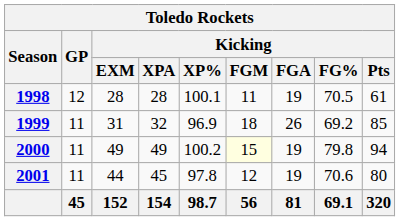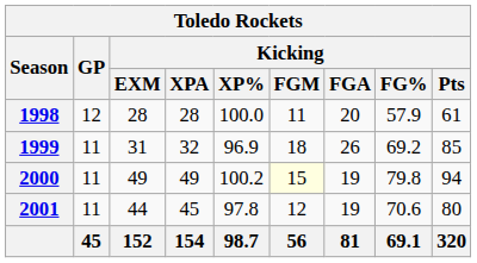 <table class="wikitable" style="text-align:center;">
 <tr>
 <th colspan="16">Toledo Rockets</th>
 </tr>
 <tr>
 <th rowspan="2">Season</th>
 <th rowspan="2">GP</th>
 <th colspan="7">Kicking</th>
 </tr>
 <tr>
 <th>EXM</th>
 <th>XPA</th>
 <th>XP%</th>
 <th>FGM</th>
 <th>FGA</th>
 <th>FG%</th>
 <th>Pts</th>
 </tr>
 <tr>
 <th><a href='#'>1998</a></th>
 <td>12</td>
 <td>28</td>
 <td>28</td>
-<td>100.1</td>
+<td>100.0</td>
 <td>11</td>
-<td>19</td>
-<td>70.5</td>
+<td>20</td>
+<td>57.9</td>
 <td>61</td>
 </tr>
 <tr>
 <th><a href='#'>1999</a></th>
 <td>11</td>
 <td>31</td>
 <td>32</td>
 <td>96.9</td>
 <td>18</td>
 <td>26</td>
 <td>69.2</td>
 <td>85</td>
 </tr>
 <tr>
 <th><a href='#'>2000</a></th>
 <td>11</td>
 <td>49</td>
 <td>49</td>
 <td>100.2</td>
 <td style="background: lightyellow;">15</td>
 <td>19</td>
 <td>79.8</td>
 <td>94</td>
 </tr>
 <tr>
 <th><a href='#'>2001</a></th>
 <td>11</td>
 <td>44</td>
 <td>45</td>
 <td>97.8</td>
 <td>12</td>
 <td>19</td>
 <td>70.6</td>
 <td>80</td>
 </tr>
 <tr>
 <th></th>
 <th>45</th>
 <th>152</th>
 <th>154</th>
 <th>98.7</th>
 <th>56</th>
 <th>81</th>
 <th>69.1</th>
 <th>320</th>
 </tr>
 </table>
